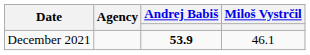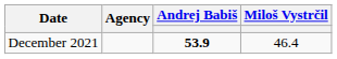 <table class="wikitable" style=text-align:center;font-size:85%;line-height:14px;">
 <tr>
 <th rowspan="2">Date</th>
 <th rowspan="2">Agency</th>
 <th><a href='#'>Andrej Babiš</a></th>
 <th><a href='#'>Miloš Vystrčil</a></th>
 </tr>
 <tr>
 <th style="background:"></th>
 <th style="background:"></th>
 </tr>
 <tr>
 <td>December 2021</td>
 <td></td>
 <td><strong>53.9</strong></td>
-<td>46.1</td>
+<td>46.4</td>
 </tr>
 </table>
